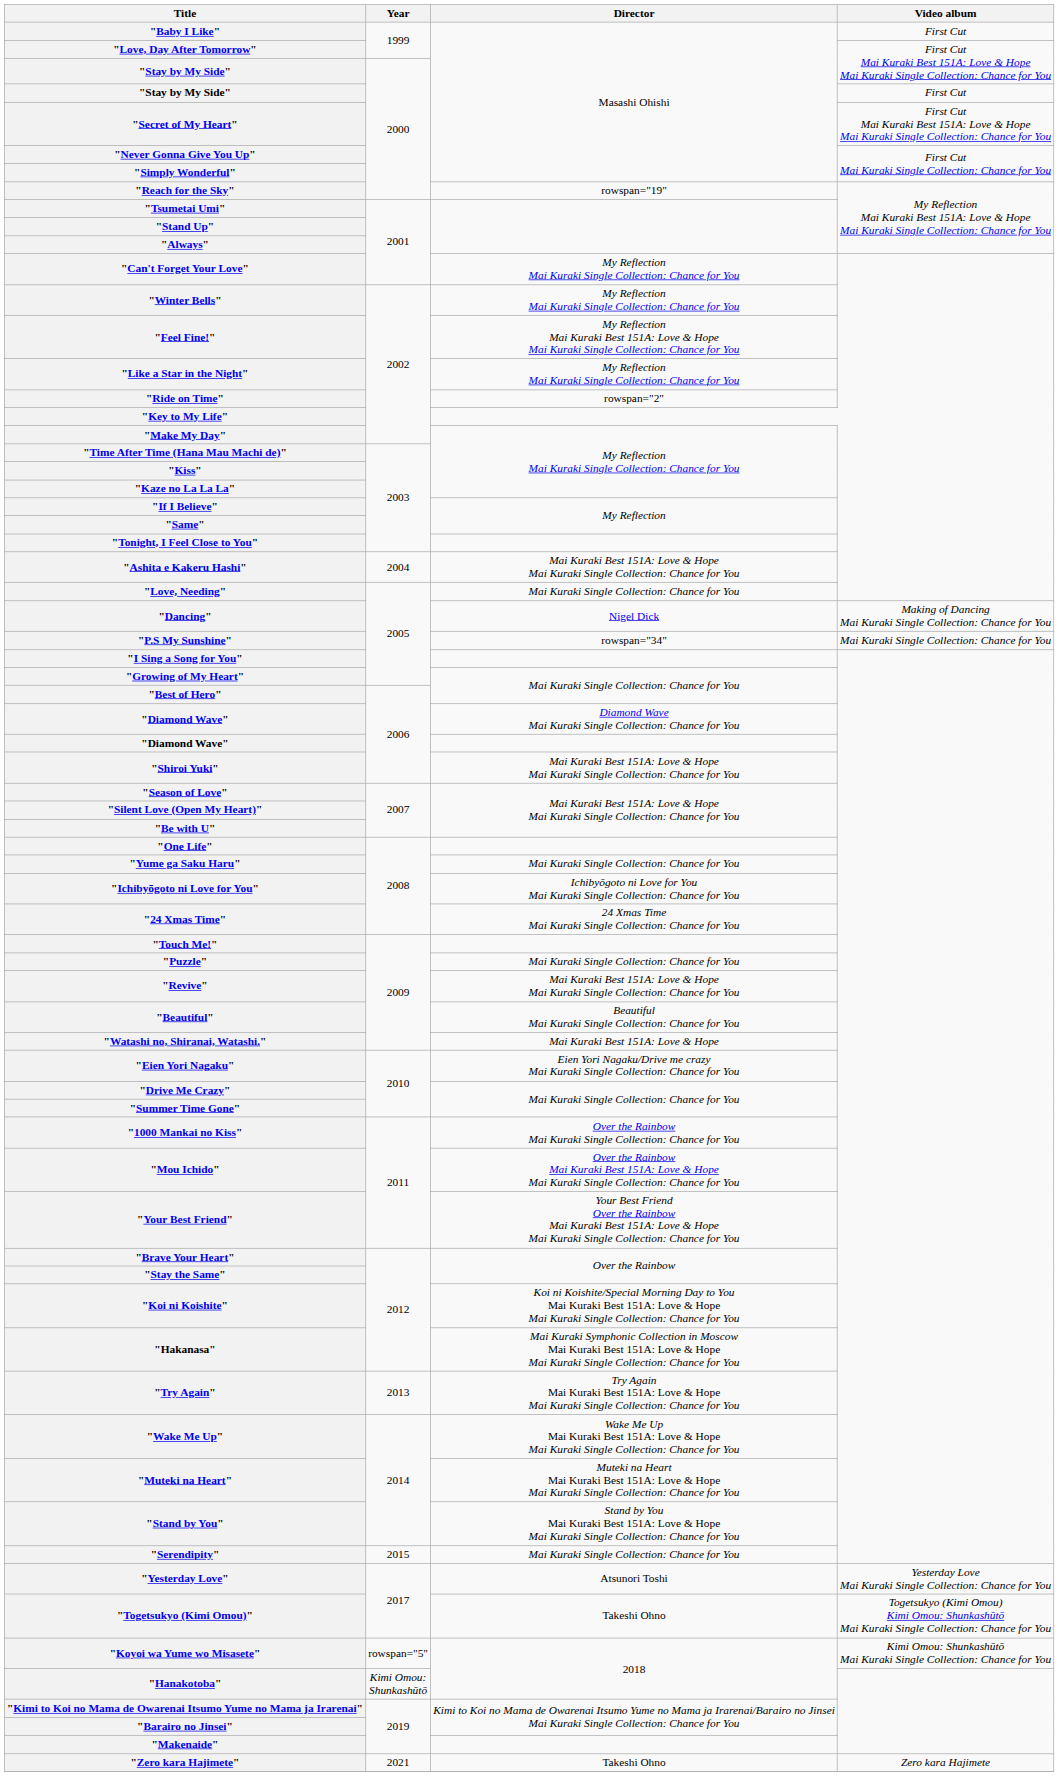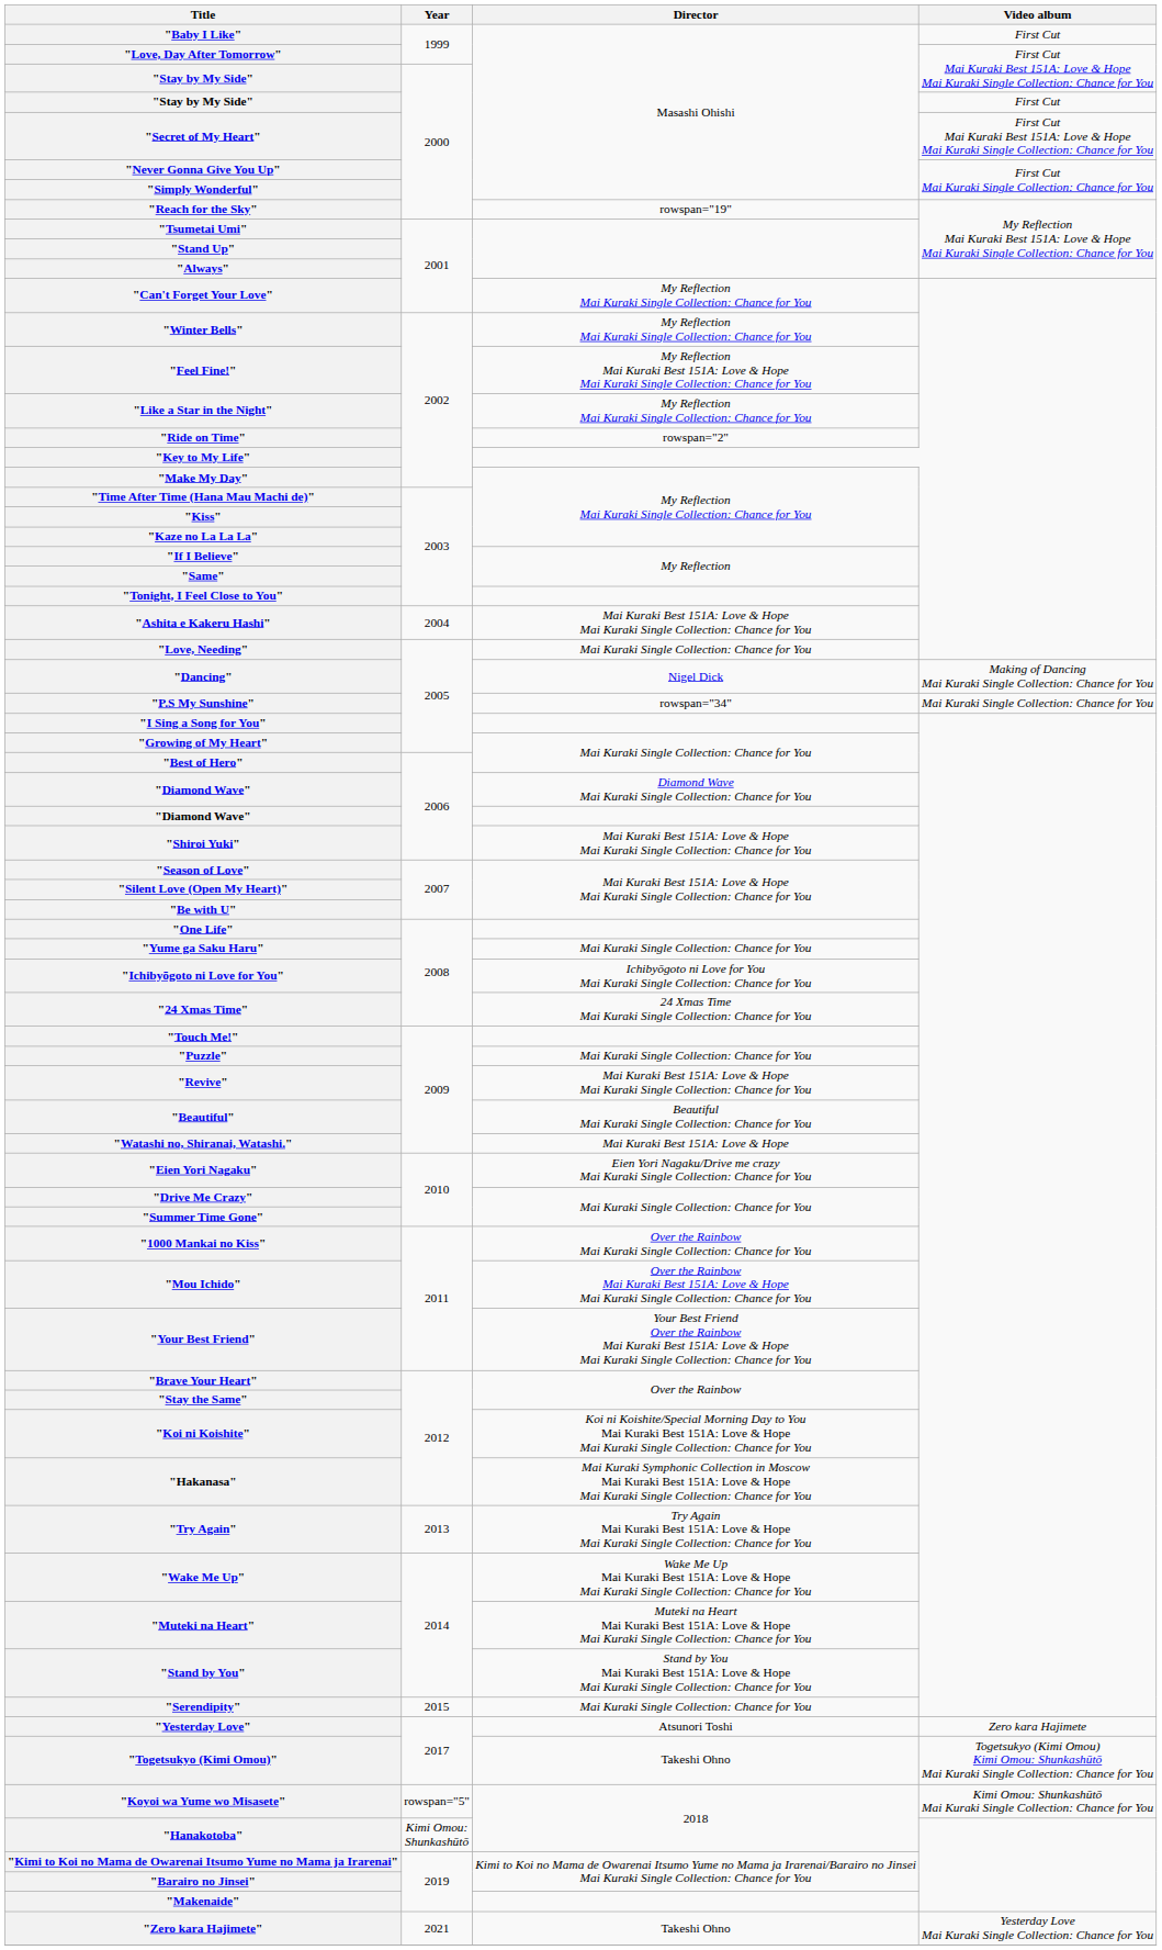 <table class="wikitable sortable plainrowheaders" style="text-align:center;">
 <tr>
 <th scope="col">Title</th>
 <th scope="col" style="width:2em;">Year</th>
 <th scope="col">Director</th>
 <th scope="col" class="unsortable">Video album</th>
 </tr>
 <tr>
 <th scope="row">"<a href='#'>Baby I Like</a>"</th>
 <td rowspan="2">1999</td>
 <td rowspan="7">Masashi Ohishi</td>
 <td rowspan="1"><em>First Cut</em></td>
 </tr>
 <tr>
 <th scope="row">"<a href='#'>Love, Day After Tomorrow</a>"</th>
 <td rowspan="2"><em>First Cut</em><br><em><a href='#'>Mai Kuraki Best 151A: Love & Hope</a></em><br><em><a href='#'>Mai Kuraki Single Collection: Chance for You</a></em></td>
 </tr>
 <tr>
 <th scope="row">"<a href='#'>Stay by My Side</a>"</th>
 <td rowspan="6">2000</td>
 </tr>
 <tr>
 <th scope="row">"Stay by My Side"<br></th>
 <td><em>First Cut</em></td>
 </tr>
 <tr>
 <th scope="row">"<a href='#'>Secret of My Heart</a>"</th>
 <td rowspan="1"><em>First Cut</em><br><em>Mai Kuraki Best 151A: Love & Hope</em><br><em><a href='#'>Mai Kuraki Single Collection: Chance for You</a></em></td>
 </tr>
 <tr>
 <th scope="row">"<a href='#'>Never Gonna Give You Up</a>"</th>
 <td rowspan="2"><em>First Cut</em><br><em><a href='#'>Mai Kuraki Single Collection: Chance for You</a></em></td>
 </tr>
 <tr>
 <th scope="row">"<a href='#'>Simply Wonderful</a>"<br></th>
 </tr>
 <tr>
 <th scope="row">"<a href='#'>Reach for the Sky</a>"</th>
 <td>rowspan="19" </td>
 <td rowspan="4"><em>My Reflection</em><br><em>Mai Kuraki Best 151A: Love & Hope</em><br><em><a href='#'>Mai Kuraki Single Collection: Chance for You</a></em></td>
 </tr>
 <tr>
 <th scope="row">"<a href='#'>Tsumetai Umi</a>"</th>
 <td rowspan="4">2001</td>
 </tr>
 <tr>
 <th scope="row">"<a href='#'>Stand Up</a>"</th>
 </tr>
 <tr>
 <th scope="row">"<a href='#'>Always</a>"</th>
 </tr>
 <tr>
 <th scope="row">"<a href='#'>Can't Forget Your Love</a>"</th>
 <td rowspan="1"><em>My Reflection</em><br><em><a href='#'>Mai Kuraki Single Collection: Chance for You</a></em></td>
 </tr>
 <tr>
 <th scope="row">"<a href='#'>Winter Bells</a>"</th>
 <td rowspan="6">2002</td>
 <td rowspan="1"><em>My Reflection</em><br><em><a href='#'>Mai Kuraki Single Collection: Chance for You</a></em></td>
 </tr>
 <tr>
 <th scope="row">"<a href='#'>Feel Fine!</a>"</th>
 <td rowspan="1"><em>My Reflection</em><br><em>Mai Kuraki Best 151A: Love & Hope</em><br><em><a href='#'>Mai Kuraki Single Collection: Chance for You</a></em></td>
 </tr>
 <tr>
 <th scope="row">"<a href='#'>Like a Star in the Night</a>"</th>
 <td rowspan="1"><em>My Reflection</em><br><em><a href='#'>Mai Kuraki Single Collection: Chance for You</a></em></td>
 </tr>
 <tr>
 <th scope="row">"<a href='#'>Ride on Time</a>"</th>
 <td>rowspan="2" </td>
 </tr>
 <tr>
 <th scope="row">"<a href='#'>Key to My Life</a>"</th>
 </tr>
 <tr>
 <th scope="row">"<a href='#'>Make My Day</a>"</th>
 <td rowspan="4"><em>My Reflection</em><br><em><a href='#'>Mai Kuraki Single Collection: Chance for You</a></em></td>
 </tr>
 <tr>
 <th scope="row">"<a href='#'>Time After Time (Hana Mau Machi de)</a>"</th>
 <td rowspan="6">2003</td>
 </tr>
 <tr>
 <th scope="row">"<a href='#'>Kiss</a>"</th>
 </tr>
 <tr>
 <th scope="row">"<a href='#'>Kaze no La La La</a>"</th>
 </tr>
 <tr>
 <th scope="row">"<a href='#'>If I Believe</a>"</th>
 <td rowspan="2"><em>My Reflection</em></td>
 </tr>
 <tr>
 <th scope="row">"<a href='#'>Same</a>"</th>
 </tr>
 <tr>
 <th scope="row">"<a href='#'>Tonight, I Feel Close to You</a>"<br></th>
 <td></td>
 </tr>
 <tr>
 <th scope="row">"<a href='#'>Ashita e Kakeru Hashi</a>"</th>
 <td>2004</td>
 <td rowspan="1"><em>Mai Kuraki Best 151A: Love & Hope</em><br><em>Mai Kuraki Single Collection: Chance for You</em></td>
 </tr>
 <tr>
 <th scope="row">"<a href='#'>Love, Needing</a>"</th>
 <td rowspan="5">2005</td>
 <td rowspan="1"><em>Mai Kuraki Single Collection: Chance for You</em></td>
 </tr>
 <tr>
 <th scope="row">"<a href='#'>Dancing</a>"</th>
 <td><a href='#'>Nigel Dick</a></td>
 <td rowspan="1"><em>Making of Dancing</em><br><em>Mai Kuraki Single Collection: Chance for You</em></td>
 </tr>
 <tr>
 <th scope="row">"<a href='#'>P.S My Sunshine</a>"</th>
 <td>rowspan="34" </td>
 <td rowspan="1"><em>Mai Kuraki Single Collection: Chance for You</em></td>
 </tr>
 <tr>
 <th scope="row">"<a href='#'>I Sing a Song for You</a>"</th>
 <td></td>
 </tr>
 <tr>
 <th scope="row">"<a href='#'>Growing of My Heart</a>"</th>
 <td rowspan="2"><em>Mai Kuraki Single Collection: Chance for You</em></td>
 </tr>
 <tr>
 <th scope="row">"<a href='#'>Best of Hero</a>"</th>
 <td rowspan="4">2006</td>
 </tr>
 <tr>
 <th scope="row">"<a href='#'>Diamond Wave</a>"</th>
 <td><em><a href='#'>Diamond Wave</a></em><br><em>Mai Kuraki Single Collection: Chance for You</em></td>
 </tr>
 <tr>
 <th scope="row">"Diamond Wave"<br></th>
 <td></td>
 </tr>
 <tr>
 <th scope="row">"<a href='#'>Shiroi Yuki</a>"</th>
 <td rowspan="1"><em>Mai Kuraki Best 151A: Love & Hope</em><br><em>Mai Kuraki Single Collection: Chance for You</em></td>
 </tr>
 <tr>
 <th scope="row">"<a href='#'>Season of Love</a>"</th>
 <td rowspan="3">2007</td>
 <td rowspan="3"><em>Mai Kuraki Best 151A: Love & Hope</em><br><em>Mai Kuraki Single Collection: Chance for You</em></td>
 </tr>
 <tr>
 <th scope="row">"<a href='#'>Silent Love (Open My Heart)</a>"</th>
 </tr>
 <tr>
 <th scope="row">"<a href='#'>Be with U</a>"</th>
 </tr>
 <tr>
 <th scope="row">"<a href='#'>One Life</a>"</th>
 <td rowspan="4">2008</td>
 <td></td>
 </tr>
 <tr>
 <th scope="row">"<a href='#'>Yume ga Saku Haru</a>"</th>
 <td><em>Mai Kuraki Single Collection: Chance for You</em></td>
 </tr>
 <tr>
 <th scope="row">"<a href='#'>Ichibyōgoto ni Love for You</a>"</th>
 <td><em>Ichibyōgoto ni Love for You</em><br><em>Mai Kuraki Single Collection: Chance for You</em></td>
 </tr>
 <tr>
 <th scope="row">"<a href='#'>24 Xmas Time</a>"</th>
 <td><em>24 Xmas Time</em><br><em>Mai Kuraki Single Collection: Chance for You</em></td>
 </tr>
 <tr>
 <th scope="row">"<a href='#'>Touch Me!</a>"</th>
 <td rowspan="5">2009</td>
 <td></td>
 </tr>
 <tr>
 <th scope="row">"<a href='#'>Puzzle</a>"</th>
 <td rowspan="1"><em>Mai Kuraki Single Collection: Chance for You</em></td>
 </tr>
 <tr>
 <th scope="row">"<a href='#'>Revive</a>"</th>
 <td rowspan="1"><em>Mai Kuraki Best 151A: Love & Hope</em><br><em>Mai Kuraki Single Collection: Chance for You</em></td>
 </tr>
 <tr>
 <th scope="row">"<a href='#'>Beautiful</a>"</th>
 <td><em>Beautiful</em><br><em>Mai Kuraki Single Collection: Chance for You</em></td>
 </tr>
 <tr>
 <th scope="row">"<a href='#'>Watashi no, Shiranai, Watashi.</a>"</th>
 <td><em>Mai Kuraki Best 151A: Love & Hope</em></td>
 </tr>
 <tr>
 <th scope="row">"<a href='#'>Eien Yori Nagaku</a>"</th>
 <td rowspan="3">2010</td>
 <td><em>Eien Yori Nagaku/Drive me crazy</em><br><em>Mai Kuraki Single Collection: Chance for You</em></td>
 </tr>
 <tr>
 <th scope="row">"<a href='#'>Drive Me Crazy</a>"</th>
 <td rowspan="2"><em>Mai Kuraki Single Collection: Chance for You</em></td>
 </tr>
 <tr>
 <th scope="row">"<a href='#'>Summer Time Gone</a>"</th>
 </tr>
 <tr>
 <th scope="row">"<a href='#'>1000 Mankai no Kiss</a>"</th>
 <td rowspan="3">2011</td>
 <td><em><a href='#'>Over the Rainbow</a></em><br><em>Mai Kuraki Single Collection: Chance for You</em></td>
 </tr>
 <tr>
 <th scope="row">"<a href='#'>Mou Ichido</a>"</th>
 <td rowspan="1"><em><a href='#'>Over the Rainbow</a></em><br><em><a href='#'>Mai Kuraki Best 151A: Love & Hope</a></em><br><em>Mai Kuraki Single Collection: Chance for You</em></td>
 </tr>
 <tr>
 <th scope="row">"<a href='#'>Your Best Friend</a>"</th>
 <td rowspan="1"><em>Your Best Friend</em><br><em><a href='#'>Over the Rainbow</a></em><br><em>Mai Kuraki Best 151A: Love & Hope</em><br><em>Mai Kuraki Single Collection: Chance for You</em></td>
 </tr>
 <tr>
 <th scope="row">"<a href='#'>Brave Your Heart</a>"<br></th>
 <td rowspan="4">2012</td>
 <td rowspan="2"><em>Over the Rainbow</em></td>
 </tr>
 <tr>
 <th scope="row">"<a href='#'>Stay the Same</a>"</th>
 </tr>
 <tr>
 <th scope="row">"<a href='#'>Koi ni Koishite</a>"</th>
 <td><em>Koi ni Koishite/Special Morning Day to You</em><br>Mai Kuraki Best 151A: Love & Hope<br><em>Mai Kuraki Single Collection: Chance for You</em></td>
 </tr>
 <tr>
 <th scope="row">"Hakanasa"</th>
 <td><em>Mai Kuraki Symphonic Collection in Moscow</em><br>Mai Kuraki Best 151A: Love & Hope<br><em>Mai Kuraki Single Collection: Chance for You</em></td>
 </tr>
 <tr>
 <th scope="row">"<a href='#'>Try Again</a>"</th>
 <td>2013</td>
 <td><em>Try Again</em><br>Mai Kuraki Best 151A: Love & Hope<br><em>Mai Kuraki Single Collection: Chance for You</em></td>
 </tr>
 <tr>
 <th scope="row">"<a href='#'>Wake Me Up</a>"</th>
 <td rowspan="3">2014</td>
 <td><em>Wake Me Up</em><br>Mai Kuraki Best 151A: Love & Hope<br><em>Mai Kuraki Single Collection: Chance for You</em></td>
 </tr>
 <tr>
 <th scope="row">"<a href='#'>Muteki na Heart</a>"</th>
 <td><em>Muteki na Heart</em><br>Mai Kuraki Best 151A: Love & Hope<br><em>Mai Kuraki Single Collection: Chance for You</em></td>
 </tr>
 <tr>
 <th scope="row">"<a href='#'>Stand by You</a>"</th>
 <td><em>Stand by You</em><br>Mai Kuraki Best 151A: Love & Hope<br><em>Mai Kuraki Single Collection: Chance for You</em></td>
 </tr>
 <tr>
 <th scope="row">"<a href='#'>Serendipity</a>"</th>
 <td>2015</td>
 <td><em>Mai Kuraki Single Collection: Chance for You</em></td>
 </tr>
 <tr>
 <th scope="row">"<a href='#'>Yesterday Love</a>"</th>
 <td rowspan="2">2017</td>
 <td>Atsunori Toshi</td>
-<td><em>Yesterday Love</em><br><em>Mai Kuraki Single Collection: Chance for You</em></td>
+<td><em>Zero kara Hajimete</em></td>
 </tr>
 <tr>
 <th scope="row">"<a href='#'>Togetsukyo (Kimi Omou)</a>"</th>
 <td>Takeshi Ohno</td>
 <td><em>Togetsukyo (Kimi Omou)</em><br><em><a href='#'>Kimi Omou: Shunkashūtō</a></em><br><em>Mai Kuraki Single Collection: Chance for You</em></td>
 </tr>
 <tr>
 <th scope="row">"<a href='#'>Koyoi wa Yume wo Misasete</a>"</th>
 <td>rowspan="5" </td>
 <td rowspan="2">2018</td>
 <td><em>Kimi Omou: Shunkashūtō</em><br><em>Mai Kuraki Single Collection: Chance for You</em></td>
 </tr>
 <tr>
 <th scope="row">"<a href='#'>Hanakotoba</a>"</th>
 <td><em>Kimi Omou: Shunkashūtō</em></td>
 </tr>
 <tr>
 <th scope="row">"<a href='#'>Kimi to Koi no Mama de Owarenai Itsumo Yume no Mama ja Irarenai</a>"</th>
 <td rowspan="3">2019</td>
 <td rowspan="2"><em>Kimi to Koi no Mama de Owarenai Itsumo Yume no Mama ja Irarenai/Barairo no Jinsei</em><br><em>Mai Kuraki Single Collection: Chance for You</em></td>
 </tr>
 <tr>
 <th scope="row">"<a href='#'>Barairo no Jinsei</a>"</th>
 </tr>
 <tr>
 <th scope="row">"<a href='#'>Makenaide</a>"</th>
 <td></td>
 </tr>
 <tr>
 <th scope="row">"<a href='#'>Zero kara Hajimete</a>"</th>
 <td>2021</td>
 <td>Takeshi Ohno</td>
-<td><em>Zero kara Hajimete</em></td>
+<td><em>Yesterday Love</em><br><em>Mai Kuraki Single Collection: Chance for You</em></td>
 </tr>
 <tr>
 </tr>
 </table>
